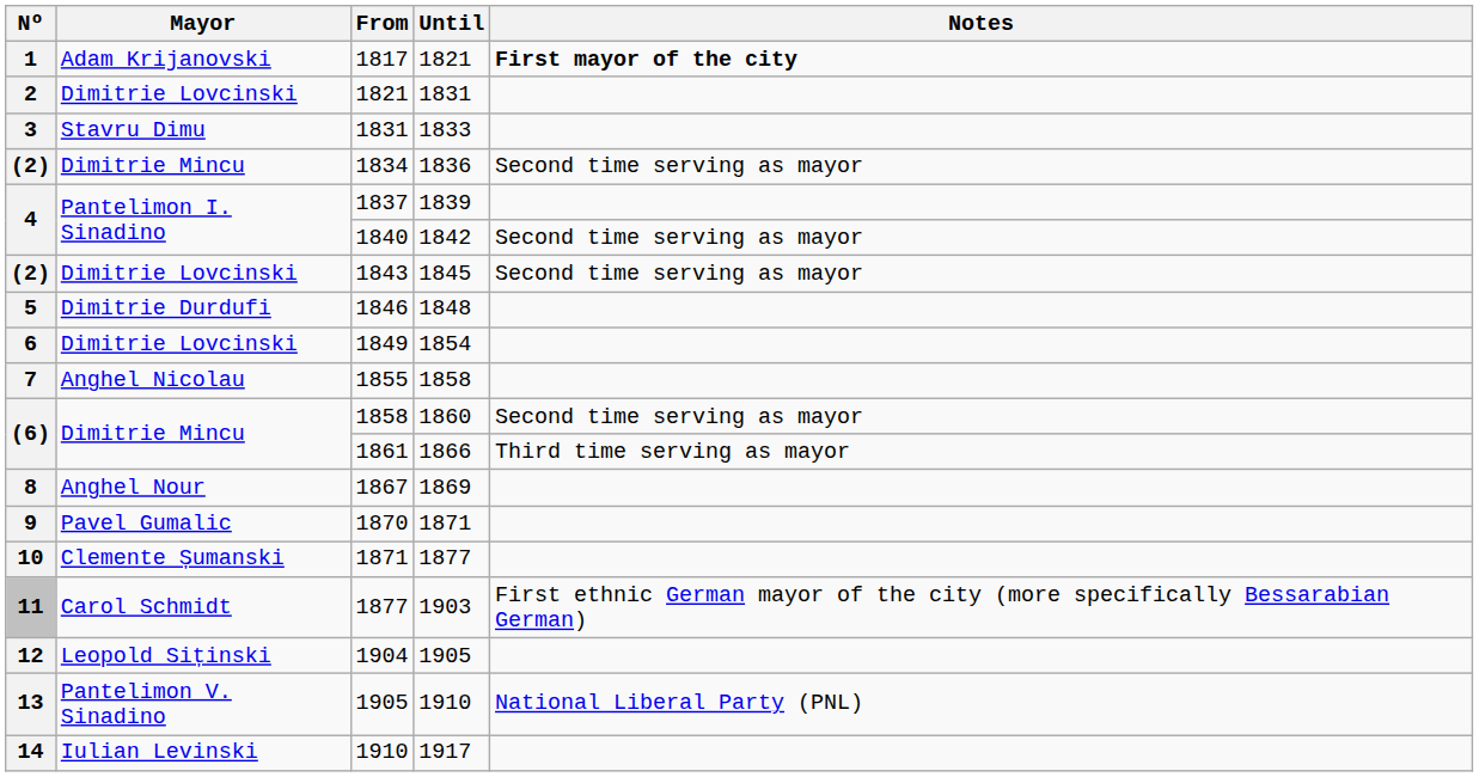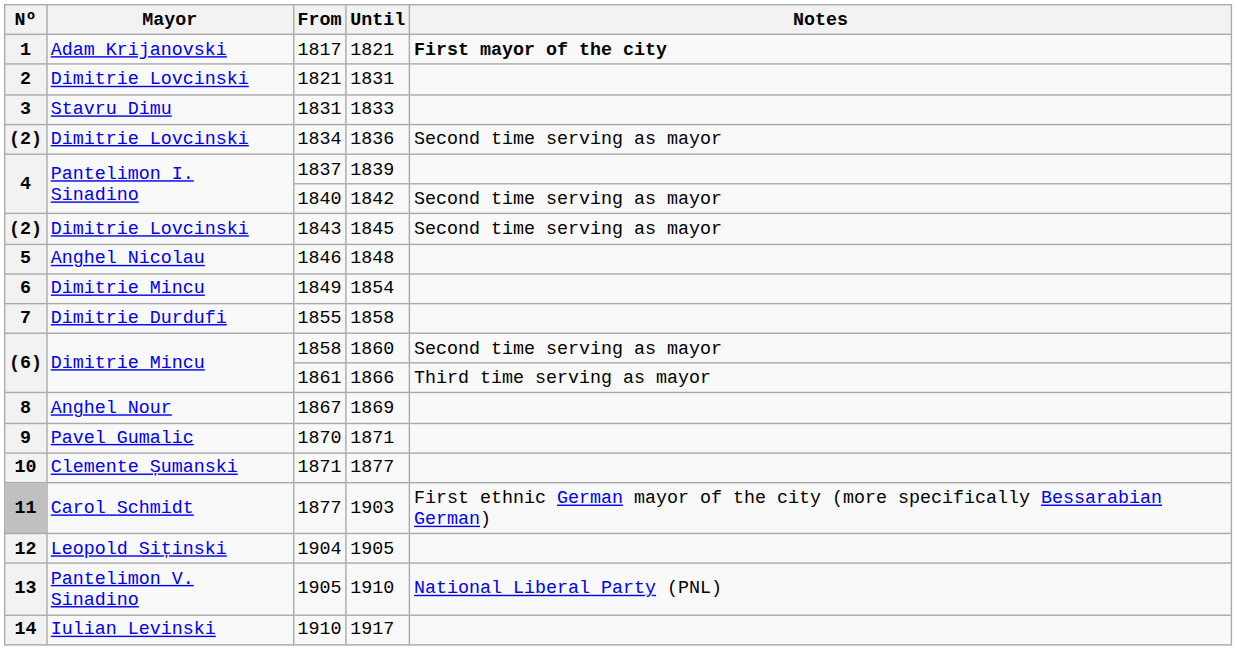 <table class="wikitable">
 <tr>
 <th>Nº</th>
 <th>Mayor</th>
 <th>From</th>
 <th>Until</th>
 <th>Notes</th>
 </tr>
 <tr>
 <th>1</th>
 <td><a href='#'>Adam Krijanovski</a></td>
 <td>1817</td>
 <td>1821</td>
 <td><strong>First mayor of the city</strong></td>
 </tr>
 <tr>
 <th>2</th>
 <td><a href='#'>Dimitrie Lovcinski</a></td>
 <td>1821</td>
 <td>1831</td>
 <td></td>
 </tr>
 <tr>
 <th>3</th>
 <td><a href='#'>Stavru Dimu</a></td>
 <td>1831</td>
 <td>1833</td>
 <td></td>
 </tr>
 <tr>
 <th>(2)</th>
-<td><a href='#'>Dimitrie Mincu</a></td>
+<td><a href='#'>Dimitrie Lovcinski</a></td>
 <td>1834</td>
 <td>1836</td>
 <td>Second time serving as mayor</td>
 </tr>
 <tr>
 <th rowspan=2>4</th>
 <td rowspan=2><a href='#'>Pantelimon I. Sinadino</a></td>
 <td>1837</td>
 <td>1839</td>
 <td></td>
 </tr>
 <tr>
 <td>1840</td>
 <td>1842</td>
 <td>Second time serving as mayor</td>
 </tr>
 <tr>
 <th>(2)</th>
 <td><a href='#'>Dimitrie Lovcinski</a></td>
 <td>1843</td>
 <td>1845</td>
 <td>Second time serving as mayor</td>
 </tr>
 <tr>
 <th>5</th>
-<td><a href='#'>Dimitrie Durdufi</a></td>
+<td><a href='#'>Anghel Nicolau</a></td>
 <td>1846</td>
 <td>1848</td>
 <td></td>
 </tr>
 <tr>
 <th>6</th>
-<td><a href='#'>Dimitrie Lovcinski</a></td>
+<td><a href='#'>Dimitrie Mincu</a></td>
 <td>1849</td>
 <td>1854</td>
 <td></td>
 </tr>
 <tr>
 <th>7</th>
-<td><a href='#'>Anghel Nicolau</a></td>
+<td><a href='#'>Dimitrie Durdufi</a></td>
 <td>1855</td>
 <td>1858</td>
 <td></td>
 </tr>
 <tr>
 <th rowspan=2>(6)</th>
 <td rowspan=2><a href='#'>Dimitrie Mincu</a></td>
 <td>1858</td>
 <td>1860</td>
 <td>Second time serving as mayor</td>
 </tr>
 <tr>
 <td>1861</td>
 <td>1866</td>
 <td>Third time serving as mayor</td>
 </tr>
 <tr>
 <th>8</th>
 <td><a href='#'>Anghel Nour</a></td>
 <td>1867</td>
 <td>1869</td>
 <td></td>
 </tr>
 <tr>
 <th>9</th>
 <td><a href='#'>Pavel Gumalic</a></td>
 <td>1870</td>
 <td>1871</td>
 <td></td>
 </tr>
 <tr>
 <th>10</th>
 <td><a href='#'>Clemente Șumanski</a></td>
 <td>1871</td>
 <td>1877</td>
 <td></td>
 </tr>
 <tr>
 <th style="background:silver">11</th>
 <td><a href='#'>Carol Schmidt</a></td>
 <td>1877</td>
 <td>1903</td>
 <td>First ethnic <a href='#'>German</a> mayor of the city (more specifically <a href='#'>Bessarabian German</a>)</td>
 </tr>
 <tr>
 <th>12</th>
 <td><a href='#'>Leopold Siținski</a></td>
 <td>1904</td>
 <td>1905</td>
 <td></td>
 </tr>
 <tr>
 <th style="background:">13</th>
 <td><a href='#'>Pantelimon V. Sinadino</a></td>
 <td>1905</td>
 <td>1910</td>
 <td><a href='#'>National Liberal Party</a> (PNL)</td>
 </tr>
 <tr>
 <th>14</th>
 <td><a href='#'>Iulian Levinski</a></td>
 <td>1910</td>
 <td>1917</td>
 <td></td>
 </tr>
 </table>
